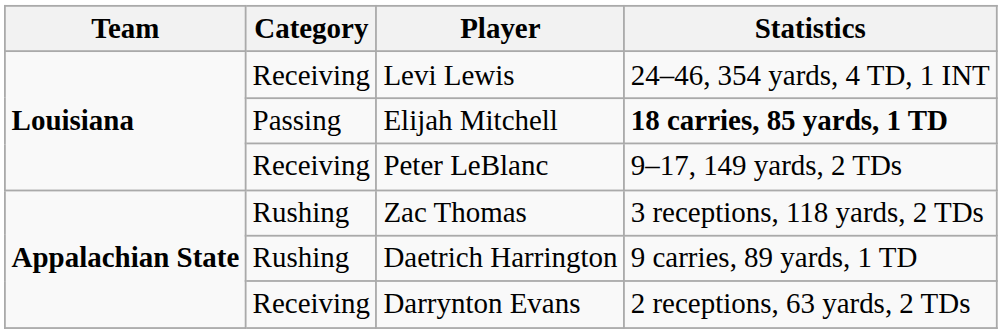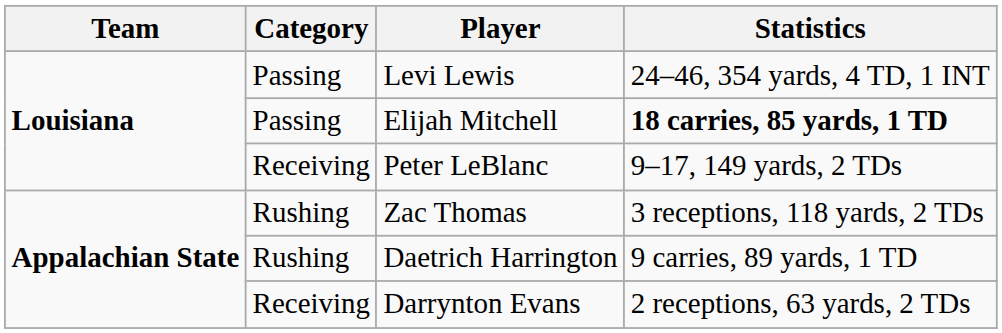 <table class="wikitable" style="float: left;">
 <tr>
 <th>Team</th>
 <th>Category</th>
 <th>Player</th>
 <th>Statistics</th>
 </tr>
 <tr>
 <td rowspan=3><strong>Louisiana</strong></td>
-<td>Receiving</td>
+<td>Passing</td>
 <td>Levi Lewis</td>
 <td>24–46, 354 yards, 4 TD, 1 INT</td>
 </tr>
 <tr>
 <td>Passing</td>
 <td>Elijah Mitchell</td>
 <td><strong>18 carries, 85 yards, 1 TD</strong></td>
 </tr>
 <tr>
 <td>Receiving</td>
 <td>Peter LeBlanc</td>
 <td>9–17, 149 yards, 2 TDs</td>
 </tr>
 <tr>
 <td rowspan=3><strong>Appalachian State</strong></td>
 <td>Rushing</td>
 <td>Zac Thomas</td>
 <td>3 receptions, 118 yards, 2 TDs</td>
 </tr>
 <tr>
 <td>Rushing</td>
 <td>Daetrich Harrington</td>
 <td>9 carries, 89 yards, 1 TD</td>
 </tr>
 <tr>
 <td>Receiving</td>
 <td>Darrynton Evans</td>
 <td>2 receptions, 63 yards, 2 TDs</td>
 </tr>
 </table>
